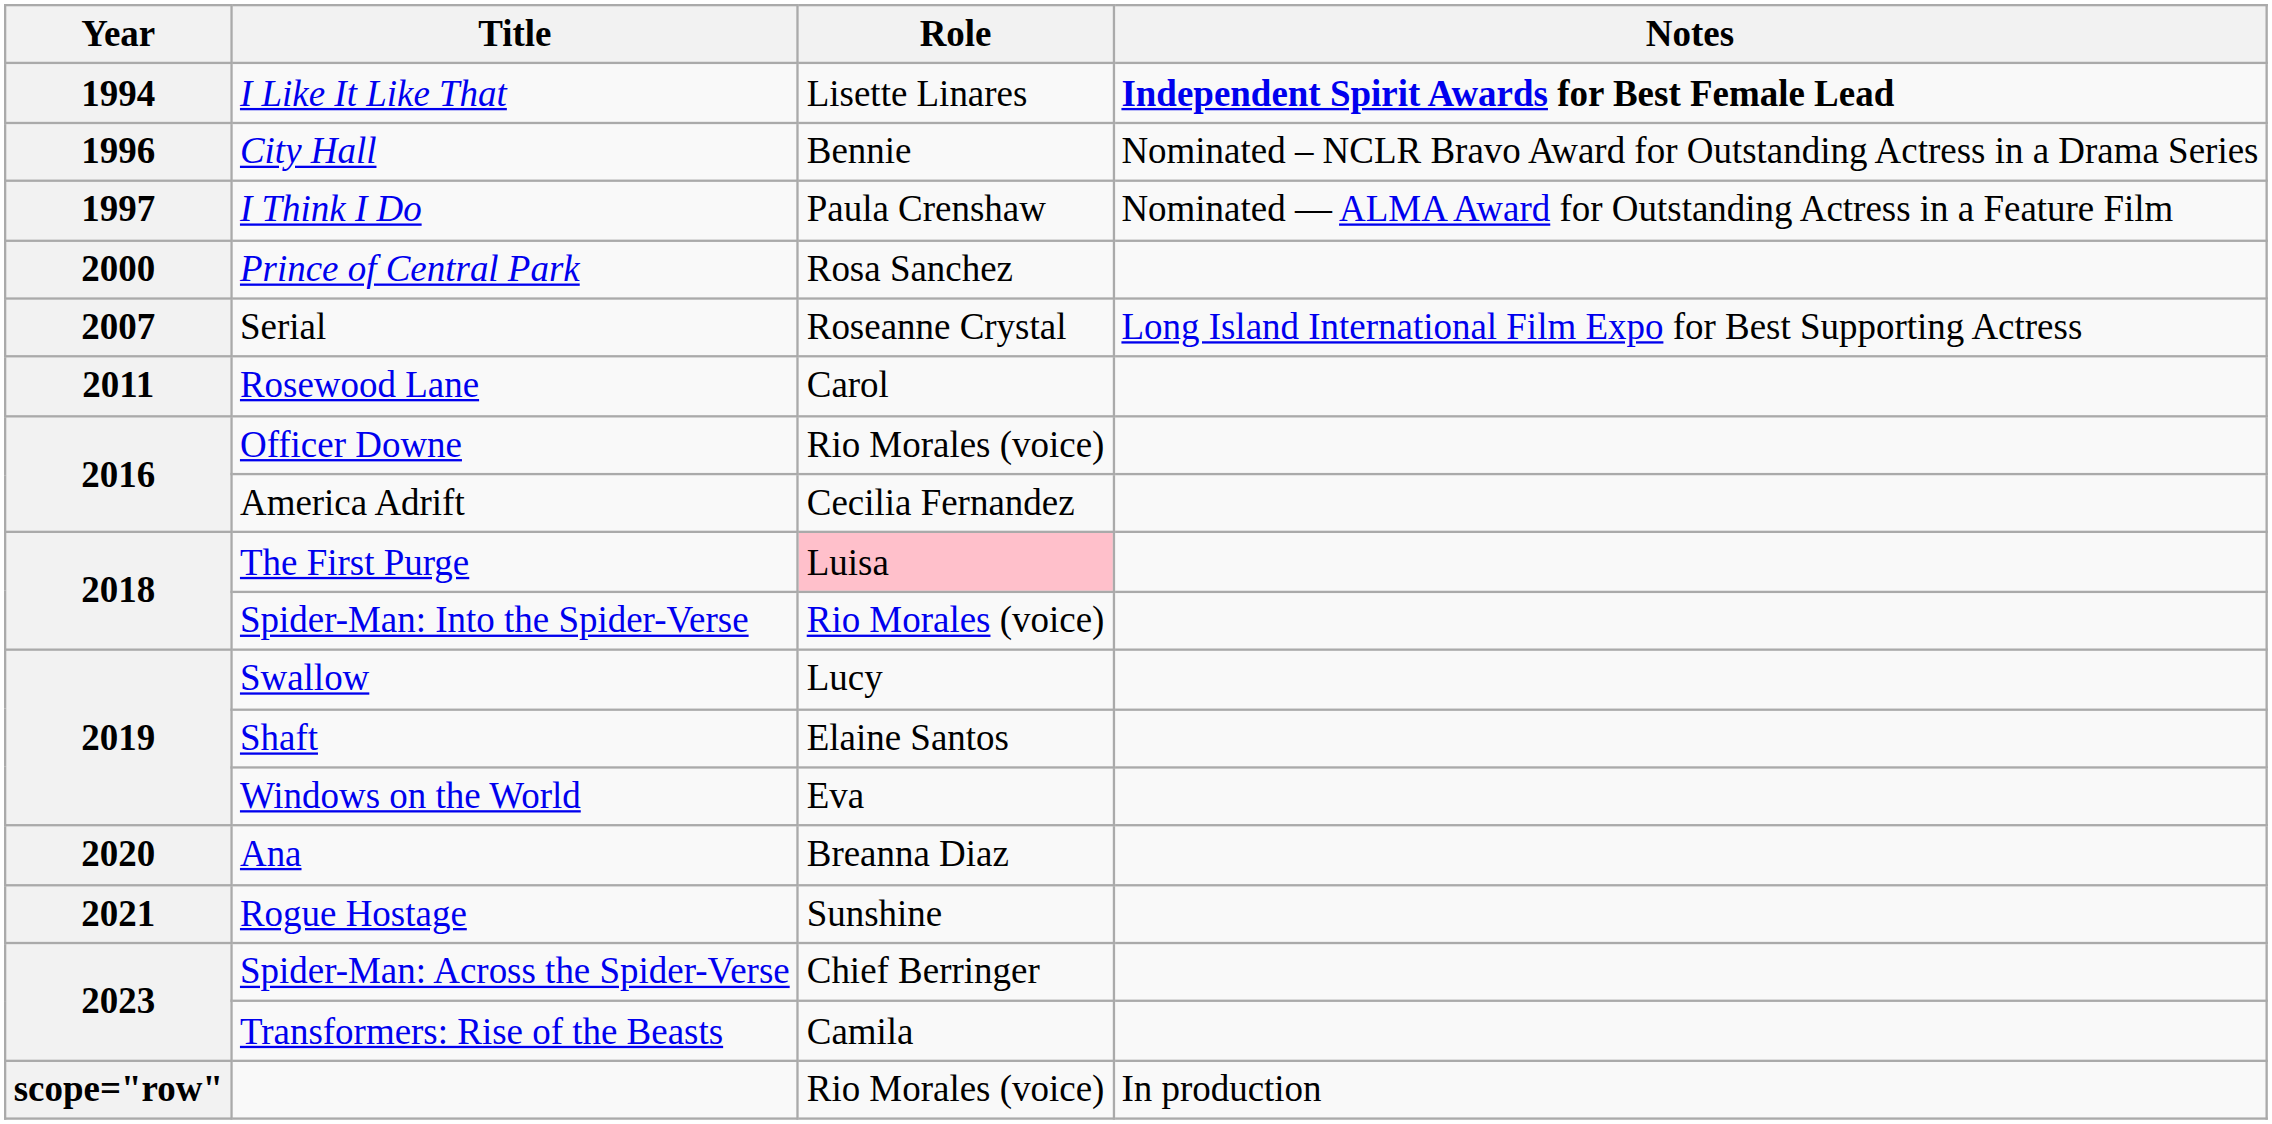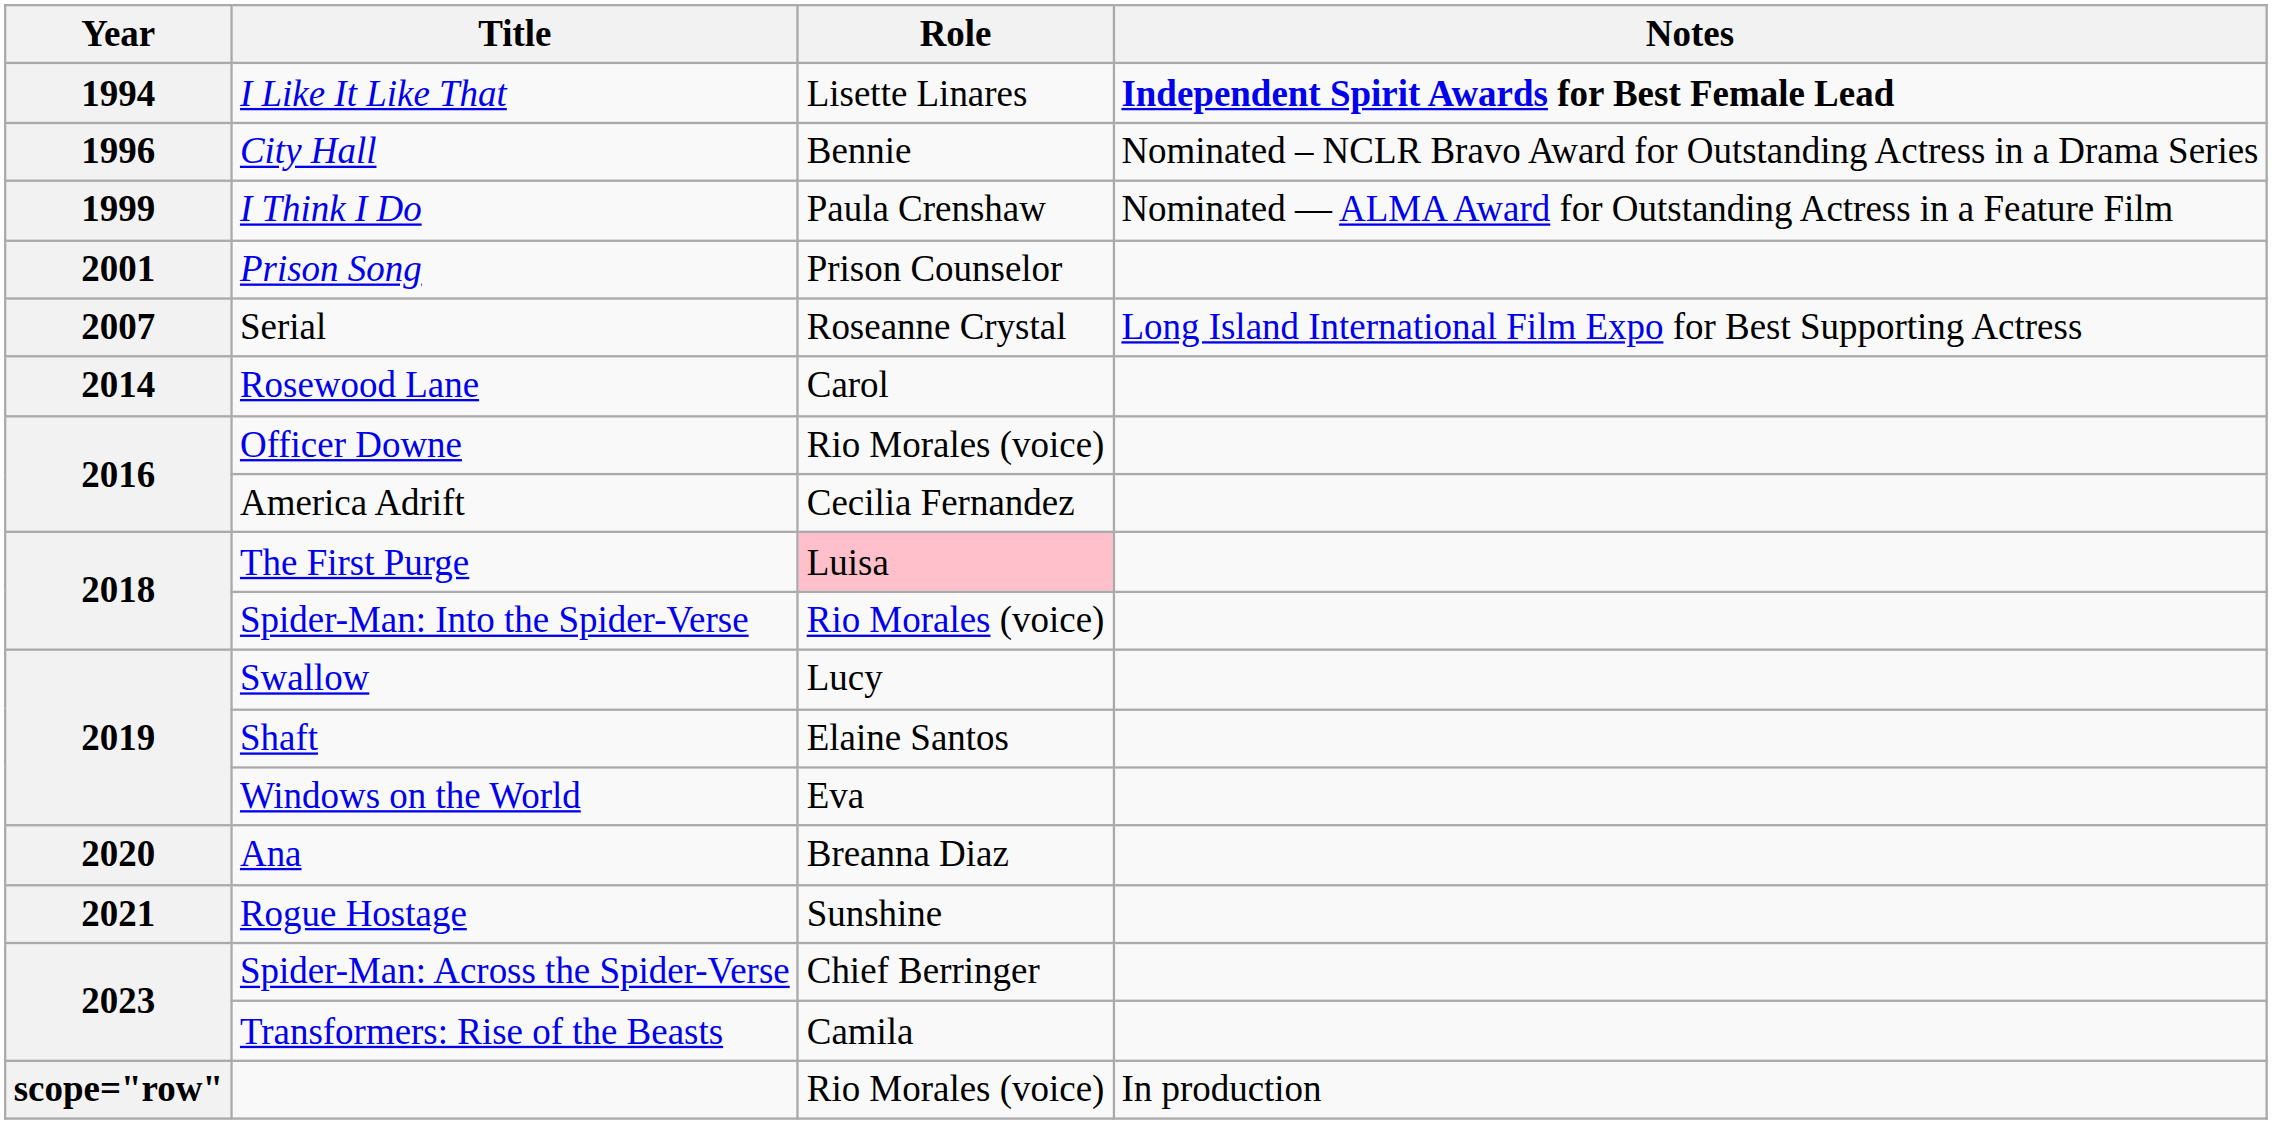 <table class="wikitable plainrowheaders sortable">
 <tr>
 <th scope="row">Year</th>
 <th scope="row">Title</th>
 <th scope="row">Role</th>
 <th scope="row" class="unsortable">Notes</th>
 </tr>
 <tr>
 <th scope="row">1994</th>
 <td><em><a href='#'>I Like It Like That</a></em></td>
 <td>Lisette Linares</td>
 <td><strong><a href='#'>Independent Spirit Awards</a> for Best Female Lead</strong></td>
 </tr>
 <tr>
 <th scope="row">1996</th>
 <td><em><a href='#'>City Hall</a></em></td>
 <td>Bennie</td>
 <td>Nominated – NCLR Bravo Award for Outstanding Actress in a Drama Series</td>
 </tr>
 <tr>
-<th scope="row">1997</th>
+<th scope="row">1999</th>
 <td><em><a href='#'>I Think I Do</a></em></td>
 <td>Paula Crenshaw</td>
 <td>Nominated — <a href='#'>ALMA Award</a> for Outstanding Actress in a Feature Film</td>
 </tr>
 <tr>
-<th scope="row">2000</th>
-<td><em><a href='#'>Prince of Central Park</a></em></td>
-<td>Rosa Sanchez</td>
+<th scope="row">2001</th>
+<td><em><a href='#'>Prison Song</a></td>
+<td>Prison Counselor</td>
 <td></td>
 </tr>
 <tr>
 <th scope="row">2007</th>
 <td></em>Serial<em></td>
 <td>Roseanne Crystal</td>
 <td><a href='#'>Long Island International Film Expo</a> for Best Supporting Actress</td>
 </tr>
 <tr>
-<th scope="row">2011</th>
+<th scope="row">2014</th>
 <td></em><a href='#'>Rosewood Lane</a><em></td>
 <td>Carol</td>
 <td></td>
 </tr>
 <tr>
 <th scope="row" rowspan="2">2016</th>
 <td></em><a href='#'>Officer Downe</a><em></td>
 <td>Rio Morales (voice)</td>
 <td></td>
 </tr>
 <tr>
 <td></em>America Adrift<em></td>
 <td>Cecilia Fernandez</td>
 <td></td>
 </tr>
 <tr>
 <th scope="row" rowspan="2">2018</th>
 <td></em><a href='#'>The First Purge</a><em></td>
 <td style="background: pink;">Luisa</td>
 <td></td>
 </tr>
 <tr>
 <td></em><a href='#'>Spider-Man: Into the Spider-Verse</a><em></td>
 <td><a href='#'>Rio Morales</a> (voice)</td>
 <td></td>
 </tr>
 <tr>
 <th scope="row" rowspan="3">2019</th>
 <td></em><a href='#'>Swallow</a><em></td>
 <td>Lucy</td>
 <td></td>
 </tr>
 <tr>
 <td></em><a href='#'>Shaft</a><em></td>
 <td>Elaine Santos</td>
 <td></td>
 </tr>
 <tr>
 <td></em><a href='#'>Windows on the World</a><em></td>
 <td>Eva</td>
 <td></td>
 </tr>
 <tr>
 <th scope="row">2020</th>
 <td></em><a href='#'>Ana</a><em></td>
 <td>Breanna Diaz</td>
 <td></td>
 </tr>
 <tr>
 <th scope="row">2021</th>
 <td></em><a href='#'>Rogue Hostage</a><em></td>
 <td>Sunshine</td>
 <td></td>
 </tr>
 <tr>
 <th scope="row" rowspan="2">2023</th>
 <td></em><a href='#'>Spider-Man: Across the Spider-Verse</a><em></td>
 <td>Chief Berringer</td>
 <td></td>
 </tr>
 <tr>
 <td></em><a href='#'>Transformers: Rise of the Beasts</a><em></td>
 <td>Camila</td>
 <td></td>
 </tr>
 <tr>
 <th>scope="row" </th>
 <td></td>
 <td>Rio Morales (voice)</td>
 <td>In production</td>
 </tr>
 </table>
